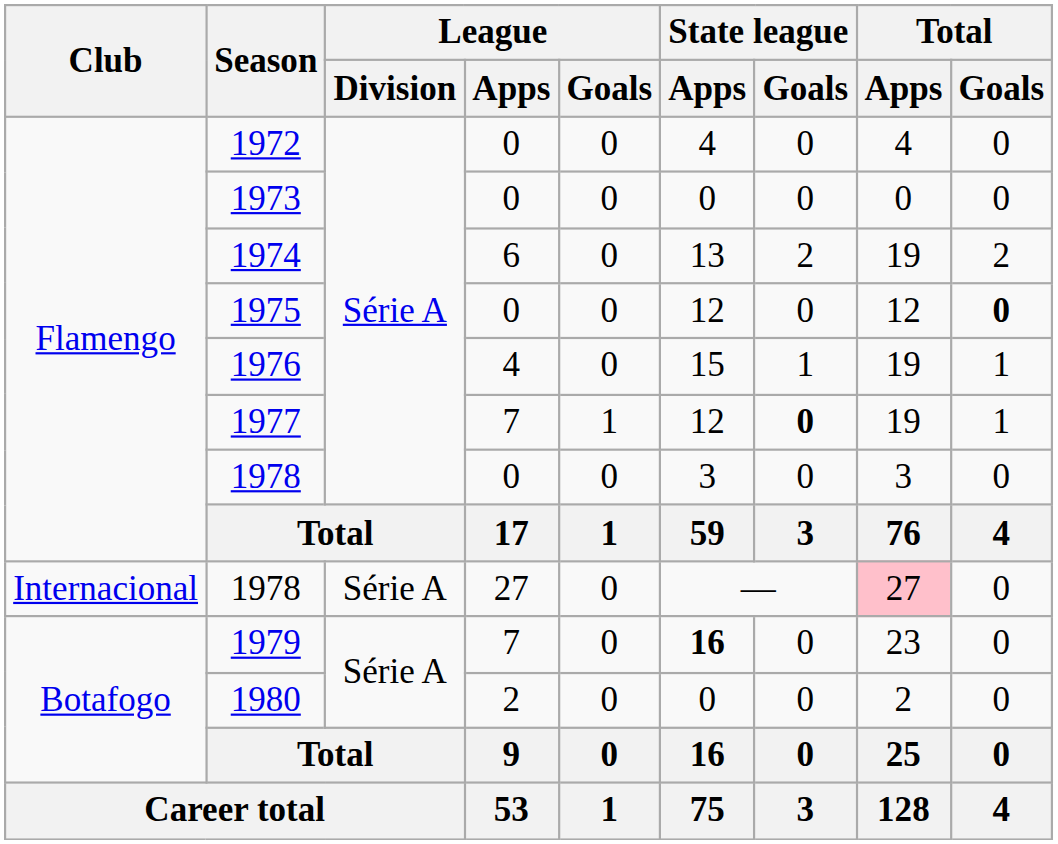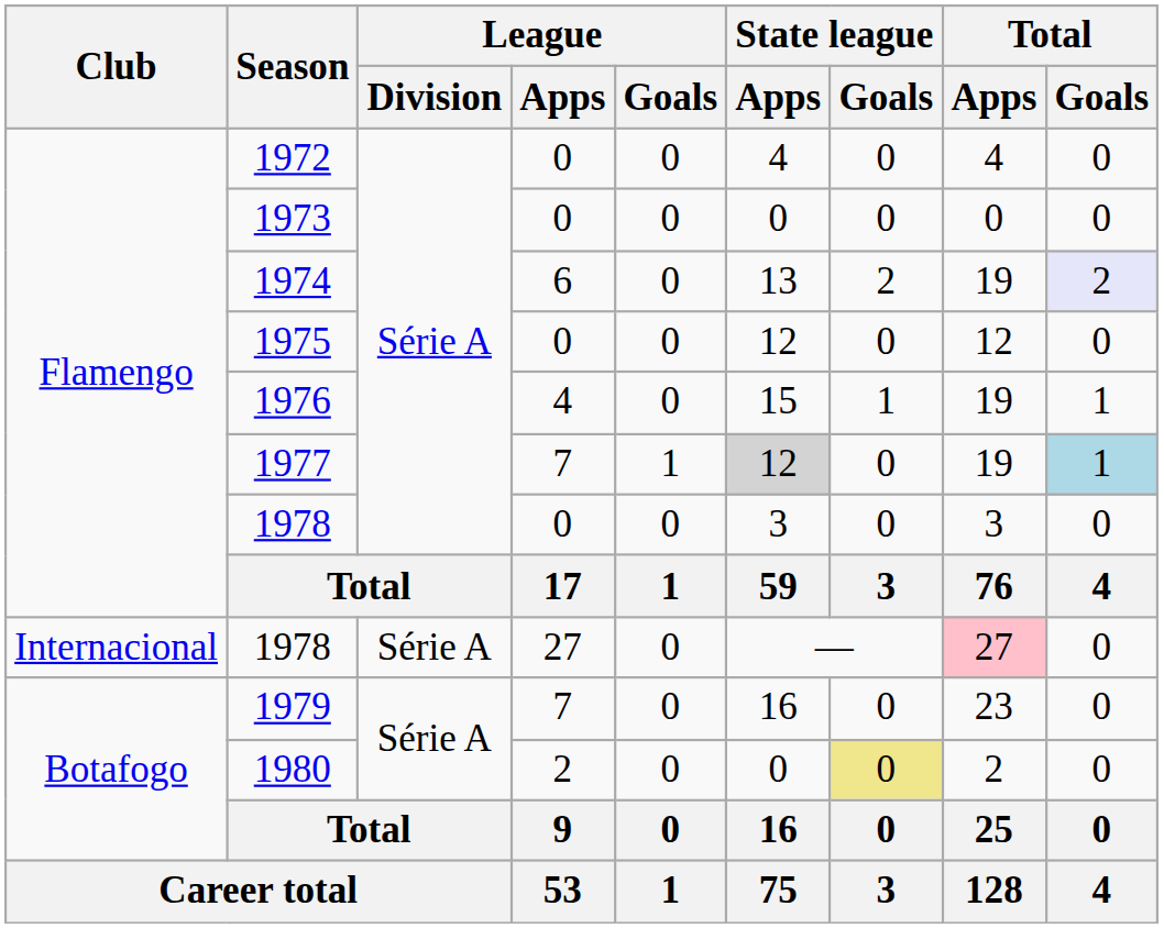 <table class="wikitable" style="text-align: center">
 <tr>
 <th rowspan="2">Club</th>
 <th rowspan="2">Season</th>
 <th colspan="3">League</th>
 <th colspan="2">State league</th>
 <th colspan="2">Total</th>
 </tr>
 <tr>
 <th>Division</th>
 <th>Apps</th>
 <th>Goals</th>
 <th>Apps</th>
 <th>Goals</th>
 <th>Apps</th>
 <th>Goals</th>
 </tr>
 <tr>
 <td rowspan="8"><a href='#'>Flamengo</a></td>
 <td><a href='#'>1972</a></td>
 <td rowspan="7"><a href='#'>Série A</a></td>
 <td>0</td>
 <td>0</td>
 <td>4</td>
 <td>0</td>
 <td>4</td>
 <td>0</td>
 </tr>
 <tr>
 <td><a href='#'>1973</a></td>
 <td>0</td>
 <td>0</td>
 <td>0</td>
 <td>0</td>
 <td>0</td>
 <td>0</td>
 </tr>
 <tr>
 <td><a href='#'>1974</a></td>
 <td>6</td>
 <td>0</td>
 <td>13</td>
 <td>2</td>
 <td>19</td>
-<td>2</td>
+<td style="background: lavender;">2</td>
 </tr>
 <tr>
 <td><a href='#'>1975</a></td>
 <td>0</td>
 <td>0</td>
 <td>12</td>
 <td>0</td>
 <td>12</td>
-<td><strong>0</strong></td>
+<td>0</td>
 </tr>
 <tr>
 <td><a href='#'>1976</a></td>
 <td>4</td>
 <td>0</td>
 <td>15</td>
 <td>1</td>
 <td>19</td>
 <td>1</td>
 </tr>
 <tr>
 <td><a href='#'>1977</a></td>
 <td>7</td>
 <td>1</td>
-<td>12</td>
-<td><strong>0</strong></td>
+<td style="background: lightgrey;">12</td>
+<td>0</td>
 <td>19</td>
-<td>1</td>
+<td style="background: lightblue;">1</td>
 </tr>
 <tr>
 <td><a href='#'>1978</a></td>
 <td>0</td>
 <td>0</td>
 <td>3</td>
 <td>0</td>
 <td>3</td>
 <td>0</td>
 </tr>
 <tr>
 <th colspan="2">Total</th>
 <th>17</th>
 <th>1</th>
 <th>59</th>
 <th>3</th>
 <th>76</th>
 <th>4</th>
 </tr>
 <tr>
 <td><a href='#'>Internacional</a></td>
 <td>1978</td>
 <td>Série A</td>
 <td>27</td>
 <td>0</td>
 <td colspan="2">—</td>
 <td style="background: pink;">27</td>
 <td>0</td>
 </tr>
 <tr>
 <td rowspan="3"><a href='#'>Botafogo</a></td>
 <td><a href='#'>1979</a></td>
 <td rowspan="2">Série A</td>
 <td>7</td>
 <td>0</td>
-<td><strong>16</strong></td>
+<td>16</td>
 <td>0</td>
 <td>23</td>
 <td>0</td>
 </tr>
 <tr>
 <td><a href='#'>1980</a></td>
 <td>2</td>
 <td>0</td>
 <td>0</td>
-<td>0</td>
+<td style="background: khaki;">0</td>
 <td>2</td>
 <td>0</td>
 </tr>
 <tr>
 <th colspan="2">Total</th>
 <th>9</th>
 <th>0</th>
 <th>16</th>
 <th>0</th>
 <th>25</th>
 <th>0</th>
 </tr>
 <tr>
 <th colspan="3"><strong>Career total</strong></th>
 <th>53</th>
 <th>1</th>
 <th>75</th>
 <th>3</th>
 <th>128</th>
 <th>4</th>
 </tr>
 </table>
